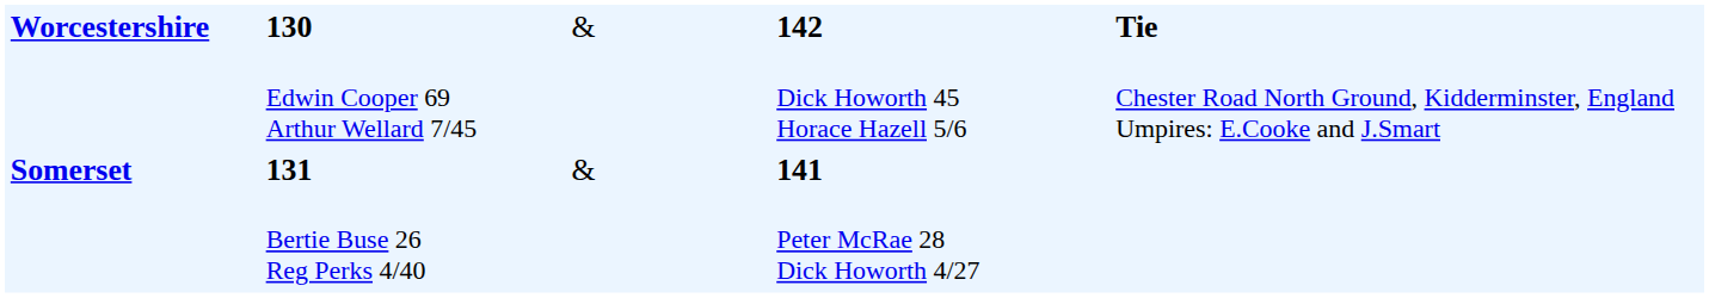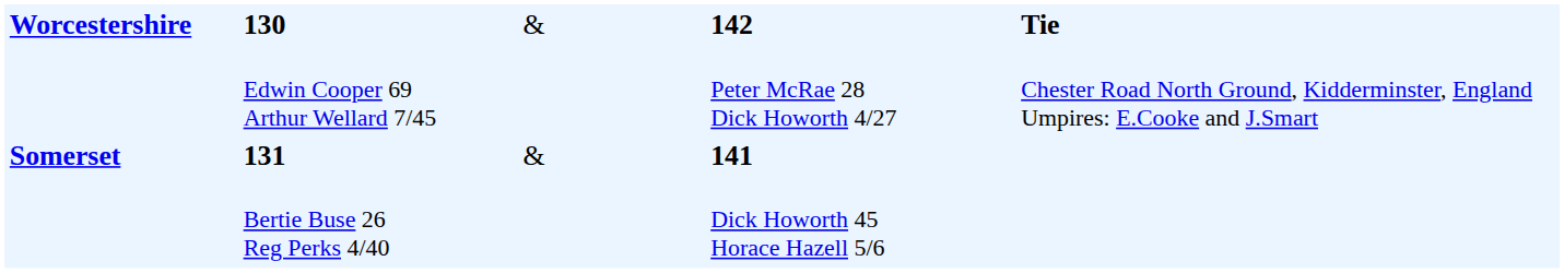 <table width="100%" style="background: #EBF5FF">
 <tr>
 <td width="15%" valign="top" rowspan="2"><strong><a href='#'>Worcestershire</a></strong></td>
 <td width="18%"><strong>130</strong></td>
 <td width="12%">&</td>
 <td width="20%"><strong>142</strong></td>
 <td width="35%"><strong>Tie</strong></td>
 </tr>
 <tr>
 <td style="font-size: 85%;" valign="top"><br><a href='#'>Edwin Cooper</a> 69<br> <a href='#'>Arthur Wellard</a> 7/45</td>
 <td></td>
-<td style="font-size: 85%;"><br><a href='#'>Dick Howorth</a> 45<br> <a href='#'>Horace Hazell</a> 5/6</td>
+<td valign="top" style="font-size: 85%;"><br><a href='#'>Peter McRae</a> 28<br> <a href='#'>Dick Howorth</a> 4/27</td>
 <td valign="top" style="font-size: 85%;" rowspan="3"><br><a href='#'>Chester Road North Ground</a>, <a href='#'>Kidderminster</a>, <a href='#'>England</a><br> Umpires: <a href='#'>E.Cooke</a> and <a href='#'>J.Smart</a></td>
 </tr>
 <tr>
 <td valign="top" rowspan="2"><strong><a href='#'>Somerset</a></strong></td>
 <td><strong>131</strong></td>
 <td>&</td>
 <td><strong>141</strong></td>
 </tr>
 <tr>
 <td style="font-size: 85%;"><br><a href='#'>Bertie Buse</a> 26<br> <a href='#'>Reg Perks</a> 4/40</td>
 <td></td>
-<td valign="top" style="font-size: 85%;"><br><a href='#'>Peter McRae</a> 28<br> <a href='#'>Dick Howorth</a> 4/27</td>
+<td style="font-size: 85%;"><br><a href='#'>Dick Howorth</a> 45<br> <a href='#'>Horace Hazell</a> 5/6</td>
 </tr>
 </table>
